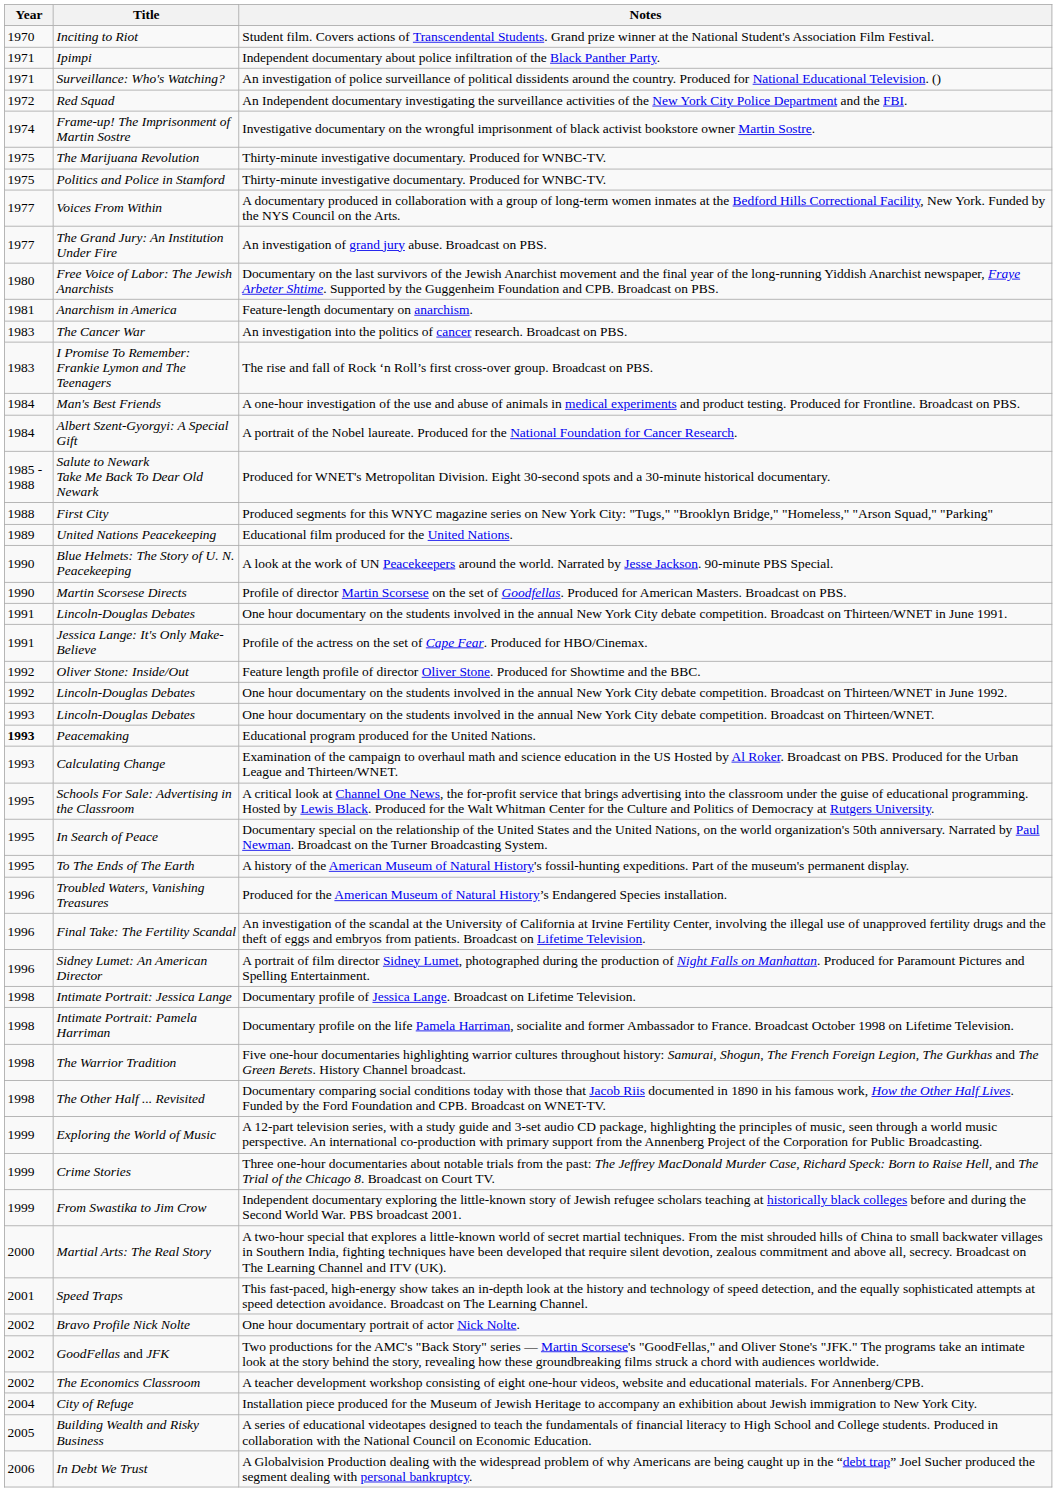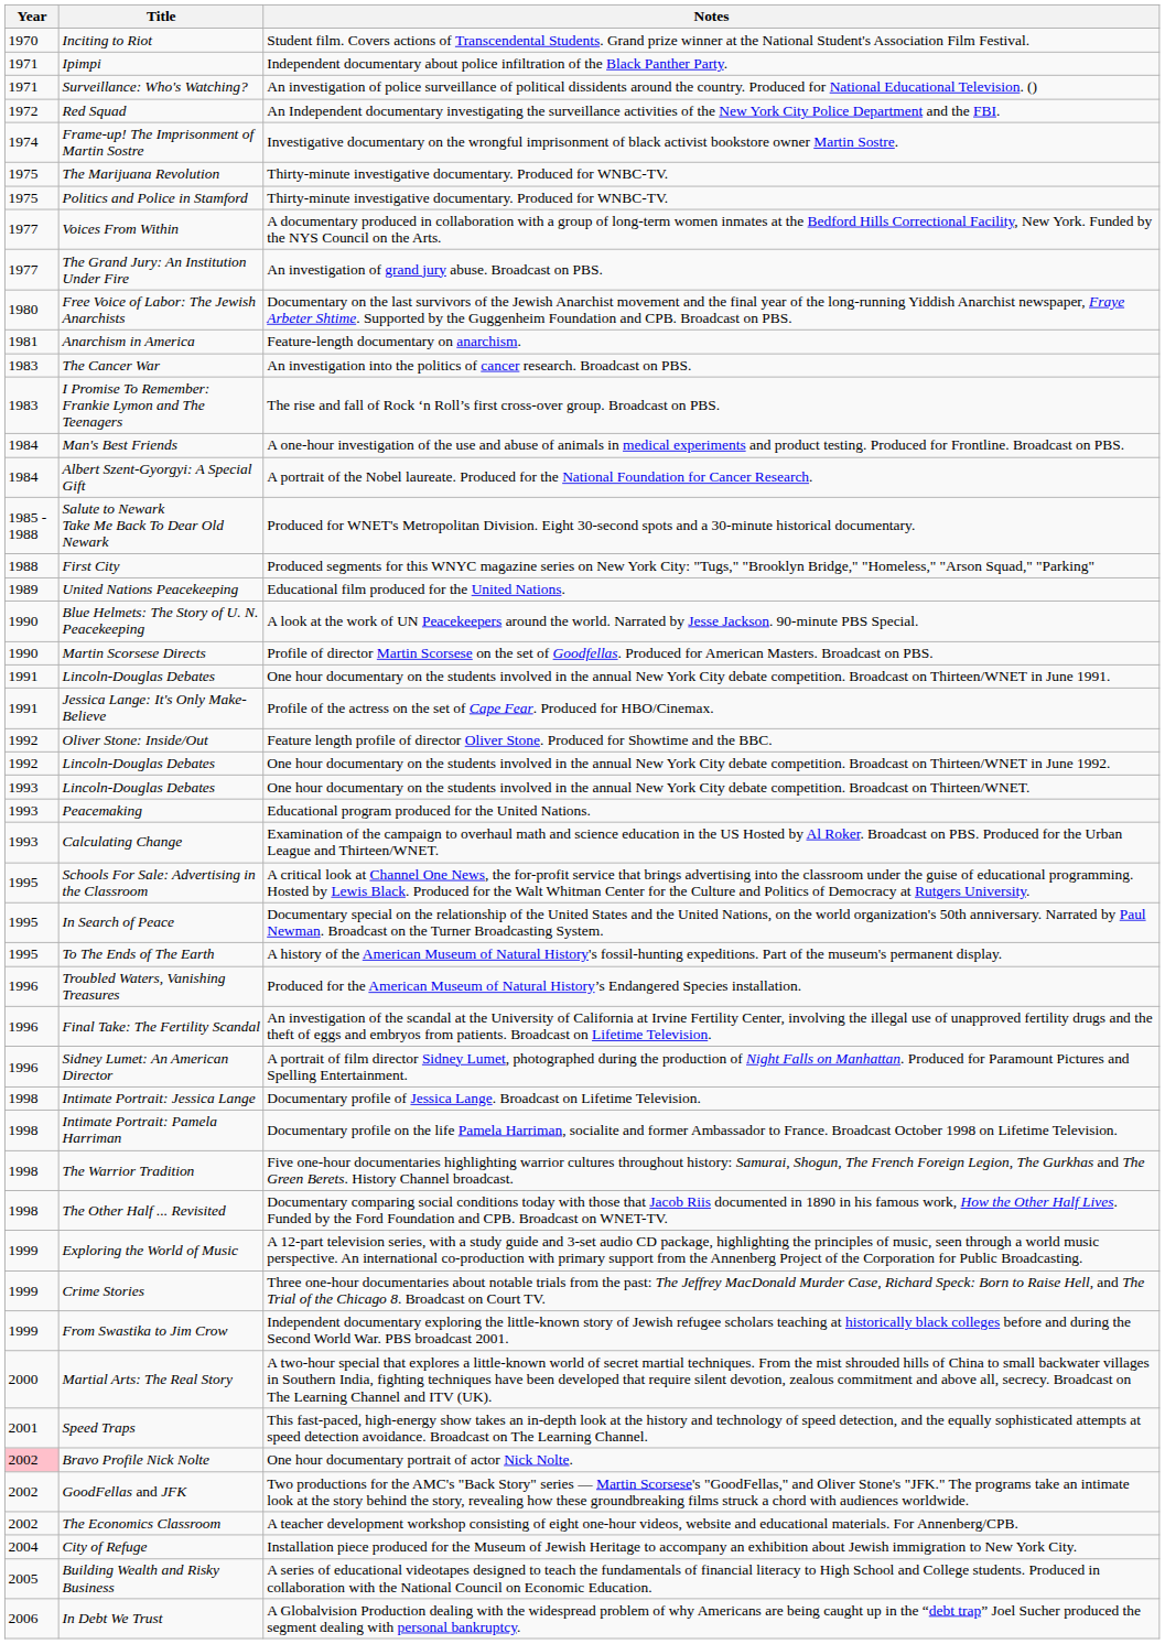 <table class="wikitable">
 <tr>
 <th>Year</th>
 <th>Title</th>
 <th>Notes</th>
 </tr>
 <tr>
 <td>1970</td>
 <td><em>Inciting to Riot</em></td>
 <td>Student film. Covers actions of <a href='#'>Transcendental Students</a>. Grand prize winner at the National Student's Association Film Festival.</td>
 </tr>
 <tr>
 <td>1971</td>
 <td><em>Ipimpi</em></td>
 <td>Independent documentary about police infiltration of the <a href='#'>Black Panther Party</a>.</td>
 </tr>
 <tr>
 <td>1971</td>
 <td><em>Surveillance: Who's Watching?</em></td>
 <td>An investigation of police surveillance of political dissidents around the country. Produced for <a href='#'>National Educational Television</a>. ()</td>
 </tr>
 <tr>
 <td>1972</td>
 <td><em>Red Squad</em></td>
 <td>An Independent documentary investigating the surveillance activities of the <a href='#'>New York City Police Department</a> and the <a href='#'>FBI</a>.</td>
 </tr>
 <tr>
 <td>1974</td>
 <td><em>Frame-up! The Imprisonment of Martin Sostre</em></td>
 <td>Investigative documentary on the wrongful imprisonment of black activist bookstore owner <a href='#'>Martin Sostre</a>.</td>
 </tr>
 <tr>
 <td>1975</td>
 <td><em>The Marijuana Revolution</em></td>
 <td>Thirty-minute investigative documentary. Produced for WNBC-TV.</td>
 </tr>
 <tr>
 <td>1975</td>
 <td><em>Politics and Police in Stamford</em></td>
 <td>Thirty-minute investigative documentary. Produced for WNBC-TV.</td>
 </tr>
 <tr>
 <td>1977</td>
 <td><em>Voices From Within</em></td>
 <td>A documentary produced in collaboration with a group of long-term women inmates at the <a href='#'>Bedford Hills Correctional Facility</a>, New York. Funded by the NYS Council on the Arts.</td>
 </tr>
 <tr>
 <td>1977</td>
 <td><em>The Grand Jury: An Institution Under Fire</em></td>
 <td>An investigation of <a href='#'>grand jury</a> abuse. Broadcast on PBS.</td>
 </tr>
 <tr>
 <td>1980</td>
 <td><em>Free Voice of Labor: The Jewish Anarchists</em></td>
 <td>Documentary on the last survivors of the Jewish Anarchist movement and the final year of the long-running Yiddish Anarchist newspaper, <em><a href='#'>Fraye Arbeter Shtime</a></em>. Supported by the Guggenheim Foundation and CPB. Broadcast on PBS.</td>
 </tr>
 <tr>
 <td>1981</td>
 <td><em>Anarchism in America</em></td>
 <td>Feature-length documentary on <a href='#'>anarchism</a>.</td>
 </tr>
 <tr>
 <td>1983</td>
 <td><em>The Cancer War</em></td>
 <td>An investigation into the politics of <a href='#'>cancer</a> research. Broadcast on PBS.</td>
 </tr>
 <tr>
 <td>1983</td>
 <td><em>I Promise To Remember: Frankie Lymon and The Teenagers</em></td>
 <td>The rise and fall of Rock ‘n Roll’s first cross-over group. Broadcast on PBS.</td>
 </tr>
 <tr>
 <td>1984</td>
 <td><em>Man's Best Friends</em></td>
 <td>A one-hour investigation of the use and abuse of animals in <a href='#'>medical experiments</a> and product testing. Produced for Frontline. Broadcast on PBS.</td>
 </tr>
 <tr>
 <td>1984</td>
 <td><em>Albert Szent-Gyorgyi: A Special Gift</em></td>
 <td>A portrait of the Nobel laureate. Produced for the <a href='#'>National Foundation for Cancer Research</a>.</td>
 </tr>
 <tr>
 <td>1985 - 1988</td>
 <td><em>Salute to Newark</em><br><em>Take Me Back To Dear Old Newark</em></td>
 <td>Produced for WNET's Metropolitan Division. Eight 30-second spots and a 30-minute historical documentary.</td>
 </tr>
 <tr>
 <td>1988</td>
 <td><em>First City</em></td>
 <td>Produced segments for this WNYC magazine series on New York City: "Tugs," "Brooklyn Bridge," "Homeless," "Arson Squad," "Parking"</td>
 </tr>
 <tr>
 <td>1989</td>
 <td><em>United Nations Peacekeeping</em></td>
 <td>Educational film produced for the <a href='#'>United Nations</a>.</td>
 </tr>
 <tr>
 <td>1990</td>
 <td><em>Blue Helmets: The Story of U. N. Peacekeeping</em></td>
 <td>A look at the work of UN <a href='#'>Peacekeepers</a> around the world. Narrated by <a href='#'>Jesse Jackson</a>. 90-minute PBS Special.</td>
 </tr>
 <tr>
 <td>1990</td>
 <td><em>Martin Scorsese Directs</em></td>
 <td>Profile of director <a href='#'>Martin Scorsese</a> on the set of <em><a href='#'>Goodfellas</a></em>. Produced for American Masters. Broadcast on PBS.</td>
 </tr>
 <tr>
 <td>1991</td>
 <td><em>Lincoln-Douglas Debates</em></td>
 <td>One hour documentary on the students involved in the annual New York City debate competition. Broadcast on Thirteen/WNET in June 1991.</td>
 </tr>
 <tr>
 <td>1991</td>
 <td><em>Jessica Lange: It's Only Make-Believe</em></td>
 <td>Profile of the actress on the set of <em><a href='#'>Cape Fear</a></em>. Produced for HBO/Cinemax.</td>
 </tr>
 <tr>
 <td>1992</td>
 <td><em>Oliver Stone: Inside/Out</em></td>
 <td>Feature length profile of director <a href='#'>Oliver Stone</a>. Produced for Showtime and the BBC.</td>
 </tr>
 <tr>
 <td>1992</td>
 <td><em>Lincoln-Douglas Debates</em></td>
 <td>One hour documentary on the students involved in the annual New York City debate competition. Broadcast on Thirteen/WNET in June 1992.</td>
 </tr>
 <tr>
 <td>1993</td>
 <td><em>Lincoln-Douglas Debates</em></td>
 <td>One hour documentary on the students involved in the annual New York City debate competition. Broadcast on Thirteen/WNET.</td>
 </tr>
 <tr>
-<td><strong>1993</strong></td>
+<td>1993</td>
 <td><em>Peacemaking</em></td>
 <td>Educational program produced for the United Nations.</td>
 </tr>
 <tr>
 <td>1993</td>
 <td><em>Calculating Change</em></td>
 <td>Examination of the campaign to overhaul math and science education in the US Hosted by <a href='#'>Al Roker</a>. Broadcast on PBS. Produced for the Urban League and Thirteen/WNET.</td>
 </tr>
 <tr>
 <td>1995</td>
 <td><em>Schools For Sale: Advertising in the Classroom</em></td>
 <td>A critical look at <a href='#'>Channel One News</a>, the for-profit service that brings advertising into the classroom under the guise of educational programming. Hosted by <a href='#'>Lewis Black</a>. Produced for the Walt Whitman Center for the Culture and Politics of Democracy at <a href='#'>Rutgers University</a>.</td>
 </tr>
 <tr>
 <td>1995</td>
 <td><em>In Search of Peace</em></td>
 <td>Documentary special on the relationship of the United States and the United Nations, on the world organization's 50th anniversary. Narrated by <a href='#'>Paul Newman</a>. Broadcast on the Turner Broadcasting System.</td>
 </tr>
 <tr>
 <td>1995</td>
 <td><em>To The Ends of The Earth</em></td>
 <td>A history of the <a href='#'>American Museum of Natural History</a>'s fossil-hunting expeditions. Part of the museum's permanent display.</td>
 </tr>
 <tr>
 <td>1996</td>
 <td><em>Troubled Waters, Vanishing Treasures</em></td>
 <td>Produced for the <a href='#'>American Museum of Natural History</a>’s Endangered Species installation.</td>
 </tr>
 <tr>
 <td>1996</td>
 <td><em>Final Take: The Fertility Scandal</em></td>
 <td>An investigation of the scandal at the University of California at Irvine Fertility Center, involving the illegal use of unapproved fertility drugs and the theft of eggs and embryos from patients. Broadcast on <a href='#'>Lifetime Television</a>.</td>
 </tr>
 <tr>
 <td>1996</td>
 <td><em>Sidney Lumet: An American Director</em></td>
 <td>A portrait of film director <a href='#'>Sidney Lumet</a>, photographed during the production of <em><a href='#'>Night Falls on Manhattan</a></em>. Produced for Paramount Pictures and Spelling Entertainment.</td>
 </tr>
 <tr>
 <td>1998</td>
 <td><em>Intimate Portrait: Jessica Lange</em></td>
 <td>Documentary profile of <a href='#'>Jessica Lange</a>. Broadcast on Lifetime Television.</td>
 </tr>
 <tr>
 <td>1998</td>
 <td><em>Intimate Portrait: Pamela Harriman</em></td>
 <td>Documentary profile on the life <a href='#'>Pamela Harriman</a>, socialite and former Ambassador to France. Broadcast October 1998 on Lifetime Television.</td>
 </tr>
 <tr>
 <td>1998</td>
 <td><em>The Warrior Tradition</em></td>
 <td>Five one-hour documentaries highlighting warrior cultures throughout history: <em>Samurai</em>, <em>Shogun</em>, <em>The French Foreign Legion</em>, <em>The Gurkhas</em> and <em>The Green Berets</em>. History Channel broadcast.</td>
 </tr>
 <tr>
 <td>1998</td>
 <td><em>The Other Half ... Revisited</em></td>
 <td>Documentary comparing social conditions today with those that <a href='#'>Jacob Riis</a> documented in 1890 in his famous work, <em><a href='#'>How the Other Half Lives</a></em>. Funded by the Ford Foundation and CPB. Broadcast on WNET-TV.</td>
 </tr>
 <tr>
 <td>1999</td>
 <td><em>Exploring the World of Music</em></td>
 <td>A 12-part television series, with a study guide and 3-set audio CD package, highlighting the principles of music, seen through a world music perspective. An international co-production with primary support from the Annenberg Project of the Corporation for Public Broadcasting.</td>
 </tr>
 <tr>
 <td>1999</td>
 <td><em>Crime Stories</em></td>
 <td>Three one-hour documentaries about notable trials from the past: <em>The Jeffrey MacDonald Murder Case</em>, <em>Richard Speck: Born to Raise Hell</em>, and <em>The Trial of the Chicago 8</em>. Broadcast on Court TV.</td>
 </tr>
 <tr>
 <td>1999</td>
 <td><em>From Swastika to Jim Crow</em></td>
 <td>Independent documentary exploring the little-known story of Jewish refugee scholars teaching at <a href='#'>historically black colleges</a> before and during the Second World War. PBS broadcast 2001.</td>
 </tr>
 <tr>
 <td>2000</td>
 <td><em>Martial Arts: The Real Story</em></td>
 <td>A two-hour special that explores a little-known world of secret martial techniques. From the mist shrouded hills of China to small backwater villages in Southern India, fighting techniques have been developed that require silent devotion, zealous commitment and above all, secrecy. Broadcast on The Learning Channel and ITV (UK).</td>
 </tr>
 <tr>
 <td>2001</td>
 <td><em>Speed Traps</em></td>
 <td>This fast-paced, high-energy show takes an in-depth look at the history and technology of speed detection, and the equally sophisticated attempts at speed detection avoidance. Broadcast on The Learning Channel.</td>
 </tr>
 <tr>
-<td>2002</td>
+<td style="background: pink;">2002</td>
 <td><em>Bravo Profile Nick Nolte</em></td>
 <td>One hour documentary portrait of actor <a href='#'>Nick Nolte</a>.</td>
 </tr>
 <tr>
 <td>2002</td>
 <td><em>GoodFellas</em> and <em>JFK</em></td>
 <td>Two productions for the AMC's "Back Story" series — <a href='#'>Martin Scorsese</a>'s "GoodFellas," and Oliver Stone's "JFK." The programs take an intimate look at the story behind the story, revealing how these groundbreaking films struck a chord with audiences worldwide.</td>
 </tr>
 <tr>
 <td>2002</td>
 <td><em>The Economics Classroom</em></td>
 <td>A teacher development workshop consisting of eight one-hour videos, website and educational materials. For Annenberg/CPB.</td>
 </tr>
 <tr>
 <td>2004</td>
 <td><em>City of Refuge</em></td>
 <td>Installation piece produced for the Museum of Jewish Heritage to accompany an exhibition about Jewish immigration to New York City.</td>
 </tr>
 <tr>
 <td>2005</td>
 <td><em>Building Wealth and Risky Business</em></td>
 <td>A series of educational videotapes designed to teach the fundamentals of financial literacy to High School and College students. Produced in collaboration with the National Council on Economic Education.</td>
 </tr>
 <tr>
 <td>2006</td>
 <td><em>In Debt We Trust</em></td>
 <td>A Globalvision Production dealing with the widespread problem of why Americans are being caught up in the “<a href='#'>debt trap</a>” Joel Sucher produced the segment dealing with <a href='#'>personal bankruptcy</a>.</td>
 </tr>
 </table>
